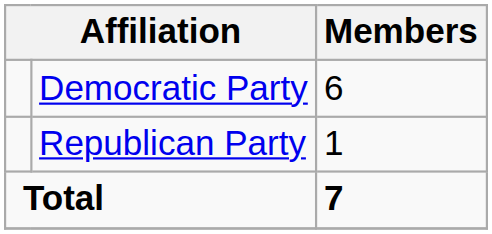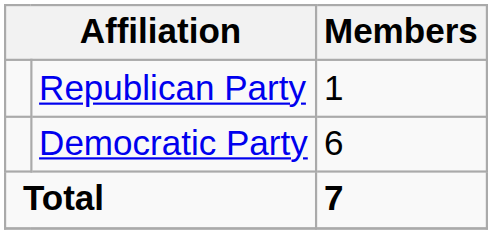 <table class="wikitable">
 <tr>
 <th colspan="2">Affiliation</th>
 <th>Members</th>
 </tr>
 <tr>
 <td style="background-color:"> </td>
-<td><a href='#'>Democratic Party</a></td>
-<td>6</td>
+<td><a href='#'>Republican Party</a></td>
+<td>1</td>
 </tr>
 <tr>
 <td style="background-color:"> </td>
-<td><a href='#'>Republican Party</a></td>
-<td>1</td>
+<td><a href='#'>Democratic Party</a></td>
+<td>6</td>
 </tr>
 <tr>
 <td colspan="2" rowspan="1"> <strong>Total</strong><br></td>
 <td><strong>7</strong></td>
 </tr>
 <tr>
 </tr>
 </table>
